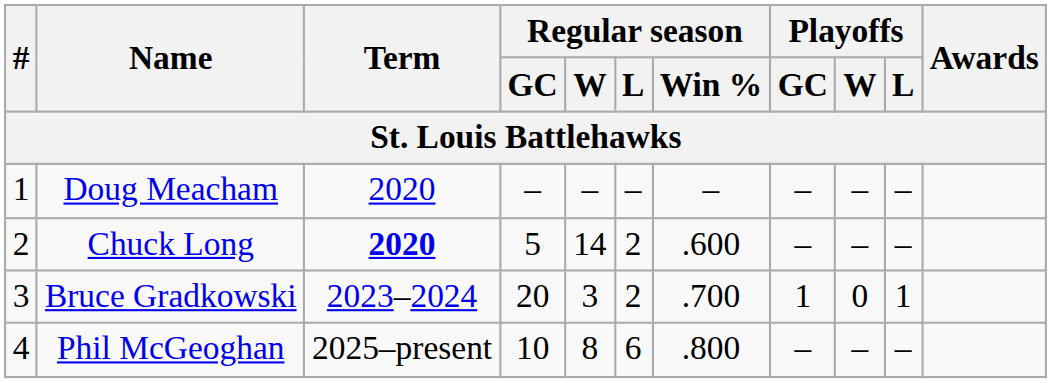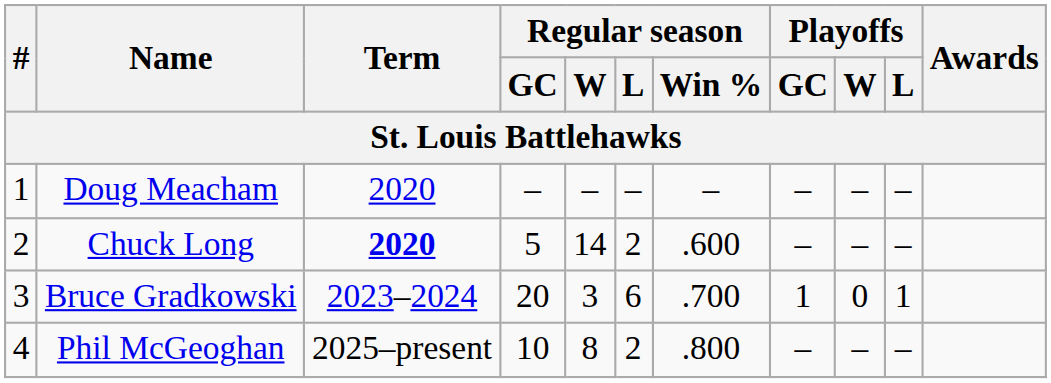 <table class="wikitable" style="text-align:center">
 <tr>
 <th rowspan="2">#</th>
 <th rowspan="2">Name</th>
 <th rowspan="2">Term</th>
 <th colspan="4">Regular season</th>
 <th colspan="3">Playoffs</th>
 <th rowspan="2">Awards</th>
 </tr>
 <tr>
 <th>GC</th>
 <th>W</th>
 <th>L</th>
 <th>Win %</th>
 <th>GC</th>
 <th>W</th>
 <th>L</th>
 </tr>
 <tr>
 <th colspan="11">St. Louis Battlehawks</th>
 </tr>
 <tr>
 <td>1</td>
 <td><a href='#'>Doug Meacham</a></td>
 <td><a href='#'>2020</a></td>
 <td>–</td>
 <td>–</td>
 <td>–</td>
 <td>–</td>
 <td>–</td>
 <td>–</td>
 <td>–</td>
 <td></td>
 </tr>
 <tr>
 <td>2</td>
 <td><a href='#'>Chuck Long</a></td>
 <td><strong><a href='#'>2020</a></strong></td>
 <td>5</td>
 <td>14</td>
 <td>2</td>
 <td>.600</td>
 <td>–</td>
 <td>–</td>
 <td>–</td>
 <td></td>
 </tr>
 <tr>
 <td>3</td>
 <td><a href='#'>Bruce Gradkowski</a></td>
 <td><a href='#'>2023</a>–<a href='#'>2024</a></td>
 <td>20</td>
 <td>3</td>
-<td>2</td>
+<td>6</td>
 <td>.700</td>
 <td>1</td>
 <td>0</td>
 <td>1</td>
 <td></td>
 </tr>
 <tr>
 <td>4</td>
 <td><a href='#'>Phil McGeoghan</a></td>
 <td>2025–present</td>
 <td>10</td>
 <td>8</td>
-<td>6</td>
+<td>2</td>
 <td>.800</td>
 <td>–</td>
 <td>–</td>
 <td>–</td>
 <td></td>
 </tr>
 </table>
